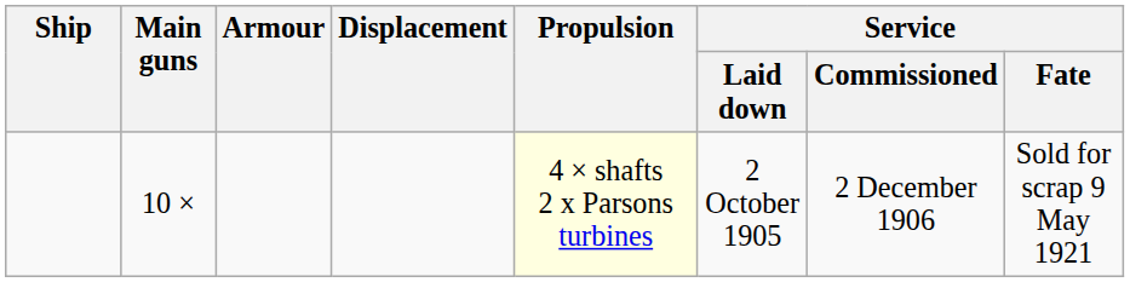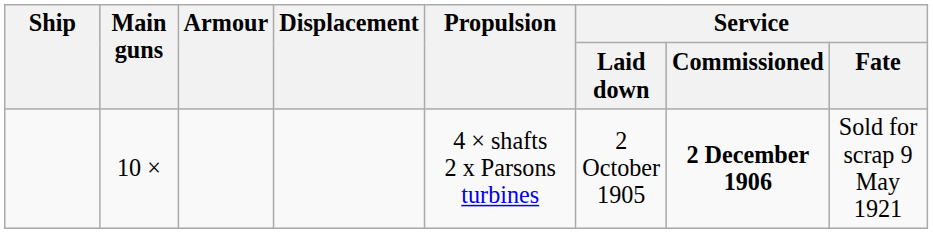 <table class="wikitable" style="width:98%;">
 <tr valign="top">
 <th style="width:15%; text-align:center;" rowspan="2">Ship</th>
 <th style="width:10%; text-align:center;" rowspan="2">Main guns</th>
 <th style="width:10%; text-align:center;" rowspan="2">Armour</th>
 <th style="width:10%; text-align:center;" rowspan="2">Displacement</th>
 <th style="width:20%; text-align:center;" rowspan="2">Propulsion</th>
 <th style="width:40%; text-align:center;" colspan="3">Service</th>
 </tr>
 <tr valign="top">
 <th style="width:10%; text-align:center;">Laid down</th>
 <th style="width:10%; text-align:center;">Commissioned</th>
 <th style="width:20%; text-align:center;">Fate</th>
 </tr>
 <tr valign="center">
 <td align= center></td>
 <td style="text-align:center;">10 × </td>
 <td style="text-align:center;"></td>
 <td style="text-align:center;"></td>
-<td align= center style="background: lightyellow;">4 × shafts<br>2 x Parsons <a href='#'>turbines</a><br></td>
+<td align= center>4 × shafts<br>2 x Parsons <a href='#'>turbines</a><br></td>
 <td style="text-align:center;">2 October 1905</td>
-<td style="text-align:center;">2 December 1906</td>
+<td style="text-align:center;"><strong>2 December 1906</strong></td>
 <td align= center>Sold for scrap 9 May 1921</td>
 </tr>
 </table>
